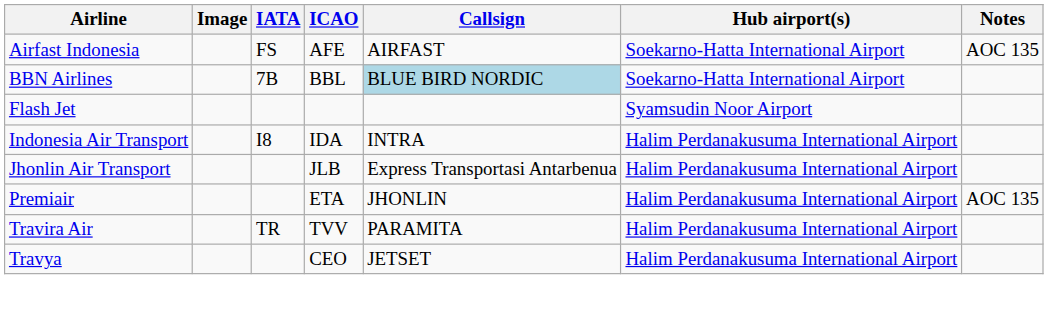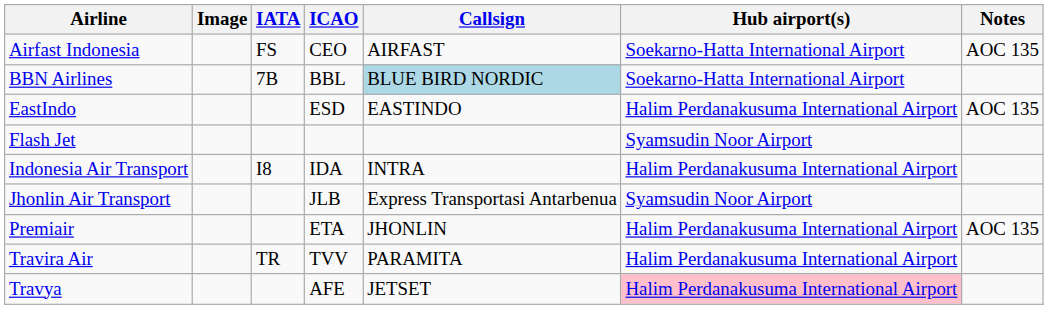 <table class="wikitable sortable" style="border: 0; cellpadding: 2; cellspacing: 3;">
 <tr valign="middle">
 <th>Airline</th>
 <th>Image</th>
 <th><a href='#'>IATA</a></th>
 <th><a href='#'>ICAO</a></th>
 <th><a href='#'>Callsign</a></th>
 <th>Hub airport(s)</th>
 <th>Notes</th>
 </tr>
 <tr>
 <td><a href='#'>Airfast Indonesia</a></td>
 <td></td>
 <td>FS</td>
-<td>AFE</td>
+<td>CEO</td>
 <td>AIRFAST</td>
 <td><a href='#'>Soekarno-Hatta International Airport</a></td>
 <td>AOC 135</td>
 </tr>
 <tr>
 <td><a href='#'>BBN Airlines</a></td>
 <td></td>
 <td>7B</td>
 <td>BBL</td>
 <td style="background: lightblue;">BLUE BIRD NORDIC</td>
 <td><a href='#'>Soekarno-Hatta International Airport</a></td>
 <td></td>
+</tr>
+<tr>
+<td><a href='#'>EastIndo</a></td>
+<td></td>
+<td></td>
+<td>ESD</td>
+<td>EASTINDO</td>
+<td><a href='#'>Halim Perdanakusuma International Airport</a></td>
+<td>AOC 135</td>
 </tr>
 <tr>
 <td><a href='#'>Flash Jet</a></td>
 <td></td>
 <td></td>
 <td></td>
 <td></td>
 <td><a href='#'>Syamsudin Noor Airport</a></td>
 <td></td>
 </tr>
 <tr>
 <td><a href='#'>Indonesia Air Transport</a></td>
 <td></td>
 <td>I8</td>
 <td>IDA</td>
 <td>INTRA</td>
 <td><a href='#'>Halim Perdanakusuma International Airport</a></td>
 <td></td>
 </tr>
 <tr>
 <td><a href='#'>Jhonlin Air Transport</a></td>
 <td></td>
 <td></td>
 <td>JLB</td>
 <td>Express Transportasi Antarbenua</td>
-<td><a href='#'>Halim Perdanakusuma International Airport</a></td>
+<td><a href='#'>Syamsudin Noor Airport</a></td>
 <td></td>
 </tr>
 <tr>
 <td><a href='#'>Premiair</a></td>
 <td></td>
 <td></td>
 <td>ETA</td>
 <td>JHONLIN</td>
 <td><a href='#'>Halim Perdanakusuma International Airport</a></td>
 <td>AOC 135</td>
 </tr>
 <tr>
 <td><a href='#'>Travira Air</a></td>
 <td></td>
 <td>TR</td>
 <td>TVV</td>
 <td>PARAMITA</td>
 <td><a href='#'>Halim Perdanakusuma International Airport</a></td>
 <td></td>
 </tr>
 <tr>
 <td><a href='#'>Travya</a></td>
 <td></td>
 <td></td>
-<td>CEO</td>
+<td>AFE</td>
 <td>JETSET</td>
-<td><a href='#'>Halim Perdanakusuma International Airport</a></td>
+<td style="background: pink;"><a href='#'>Halim Perdanakusuma International Airport</a></td>
 <td></td>
 </tr>
 <tr>
 </tr>
 </table>
